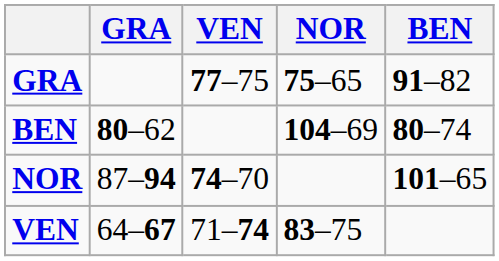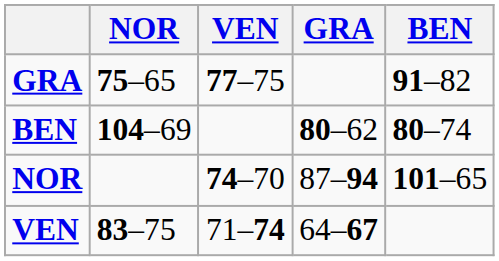 <table class="wikitable">
 <tr>
 <th></th>
+<th> <a href='#'><strong>NOR</strong></a></th>
+<th> <a href='#'><strong>VEN</strong></a></th>
 <th> <a href='#'><strong>GRA</strong></a></th>
-<th> <a href='#'><strong>VEN</strong></a></th>
-<th> <a href='#'><strong>NOR</strong></a></th>
 <th> <a href='#'><strong>BEN</strong></a></th>
 </tr>
 <tr>
 <td> <a href='#'><strong>GRA</strong></a></td>
+<td><strong>75</strong>–65</td>
+<td><strong>77</strong>–75</td>
 <td></td>
-<td><strong>77</strong>–75</td>
-<td><strong>75</strong>–65</td>
 <td><strong>91</strong>–82</td>
 </tr>
 <tr>
 <td> <a href='#'><strong>BEN</strong></a></td>
+<td><strong>104</strong>–69</td>
+<td></td>
 <td><strong>80</strong>–62</td>
-<td></td>
-<td><strong>104</strong>–69</td>
 <td><strong>80</strong>–74</td>
 </tr>
 <tr>
 <td> <a href='#'><strong>NOR</strong></a></td>
+<td></td>
+<td><strong>74</strong>–70</td>
 <td>87–<strong>94</strong></td>
-<td><strong>74</strong>–70</td>
-<td></td>
 <td><strong>101</strong>–65</td>
 </tr>
 <tr>
 <td> <a href='#'><strong>VEN</strong></a></td>
+<td><strong>83</strong>–75</td>
+<td>71–<strong>74</strong></td>
 <td>64–<strong>67</strong></td>
-<td>71–<strong>74</strong></td>
-<td><strong>83</strong>–75</td>
 <td></td>
 </tr>
 </table>
